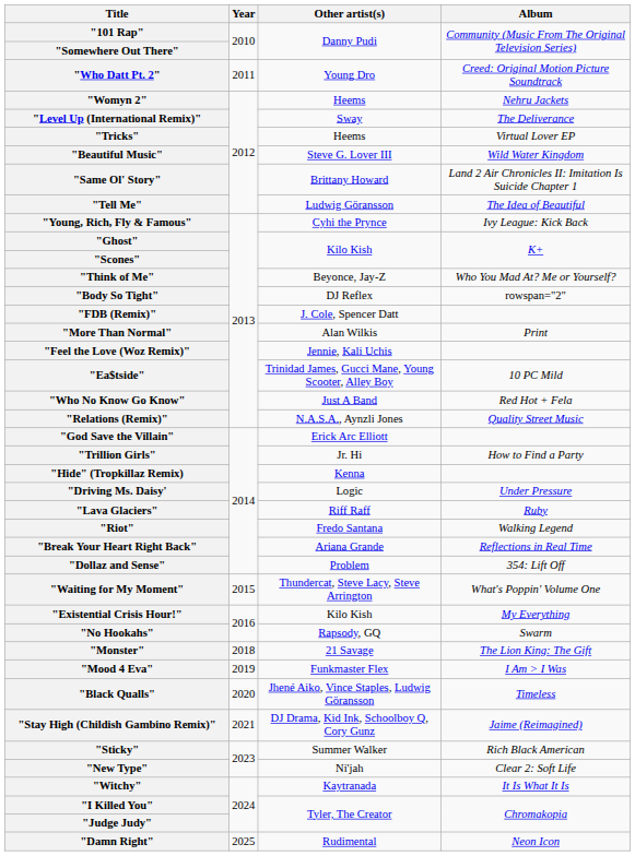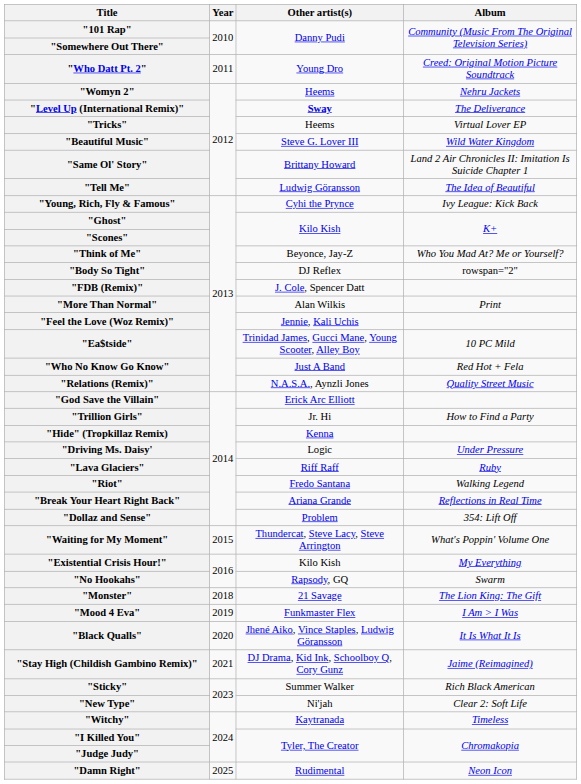 <table class="wikitable plainrowheaders" style="text-align:center;">
 <tr>
 <th scope="col" style="width:19em;">Title</th>
 <th scope="col">Year</th>
 <th scope="col">Other artist(s)</th>
 <th scope="col">Album</th>
 </tr>
 <tr>
 <th scope="row">"101 Rap"</th>
 <td rowspan="2">2010</td>
 <td rowspan="2"><a href='#'>Danny Pudi</a></td>
 <td rowspan="2"><em><a href='#'>Community (Music From The Original Television Series)</a></em></td>
 </tr>
 <tr>
 <th scope="row">"Somewhere Out There"</th>
 </tr>
 <tr>
 <th scope="row">"<a href='#'>Who Datt Pt. 2</a>"</th>
 <td>2011</td>
 <td><a href='#'>Young Dro</a></td>
 <td><em><a href='#'>Creed: Original Motion Picture Soundtrack</a></em></td>
 </tr>
 <tr>
 <th scope="row">"Womyn 2"</th>
 <td rowspan="6">2012</td>
 <td><a href='#'>Heems</a></td>
 <td><em><a href='#'>Nehru Jackets</a></em></td>
 </tr>
 <tr>
 <th scope="row">"<a href='#'>Level Up</a> (International Remix)"</th>
-<td><a href='#'>Sway</a></td>
+<td><strong><a href='#'>Sway</a></strong></td>
 <td><em><a href='#'>The Deliverance</a></em></td>
 </tr>
 <tr>
 <th scope="row">"Tricks"</th>
 <td>Heems</td>
 <td><em>Virtual Lover EP</em></td>
 </tr>
 <tr>
 <th scope="row">"Beautiful Music"</th>
 <td><a href='#'>Steve G. Lover III</a></td>
 <td><em><a href='#'>Wild Water Kingdom</a></em></td>
 </tr>
 <tr>
 <th scope="row">"Same Ol' Story"</th>
 <td><a href='#'>Brittany Howard</a></td>
 <td><em>Land 2 Air Chronicles II: Imitation Is Suicide Chapter 1</em></td>
 </tr>
 <tr>
 <th scope="row">"Tell Me"</th>
 <td><a href='#'>Ludwig Göransson</a></td>
 <td><em><a href='#'>The Idea of Beautiful</a></em></td>
 </tr>
 <tr>
 <th scope="row">"Young, Rich, Fly & Famous"</th>
 <td rowspan="11">2013</td>
 <td><a href='#'>Cyhi the Prynce</a></td>
 <td><em>Ivy League: Kick Back</em></td>
 </tr>
 <tr>
 <th scope="row">"Ghost"</th>
 <td rowspan="2"><a href='#'>Kilo Kish</a></td>
 <td rowspan="2"><em><a href='#'>K+</a></em></td>
 </tr>
 <tr>
 <th scope="row">"Scones"</th>
 </tr>
 <tr>
 <th scope="row">"Think of Me"</th>
 <td>Beyonce, Jay-Z</td>
 <td><em>Who You Mad At? Me or Yourself?</em></td>
 </tr>
 <tr>
 <th scope="row">"Body So Tight"</th>
 <td>DJ Reflex</td>
 <td>rowspan="2" </td>
 </tr>
 <tr>
 <th scope="row">"FDB (Remix)"</th>
 <td><a href='#'>J. Cole</a>, Spencer Datt</td>
 </tr>
 <tr>
 <th scope="row">"More Than Normal"</th>
 <td>Alan Wilkis</td>
 <td><em>Print</em></td>
 </tr>
 <tr>
 <th scope="row">"Feel the Love (Woz Remix)"</th>
 <td><a href='#'>Jennie</a>, <a href='#'>Kali Uchis</a></td>
 <td></td>
 </tr>
 <tr>
 <th scope="row">"Ea$tside"</th>
 <td><a href='#'>Trinidad James</a>, <a href='#'>Gucci Mane</a>, <a href='#'>Young Scooter</a>, <a href='#'>Alley Boy</a></td>
 <td><em>10 PC Mild</em></td>
 </tr>
 <tr>
 <th scope="row">"Who No Know Go Know"</th>
 <td><a href='#'>Just A Band</a></td>
 <td><em>Red Hot + Fela</em></td>
 </tr>
 <tr>
 <th scope="row">"Relations (Remix)"</th>
 <td><a href='#'>N.A.S.A.</a>, Aynzli Jones</td>
 <td><em><a href='#'>Quality Street Music</a></em></td>
 </tr>
 <tr>
 <th scope="row">"God Save the Villain"</th>
 <td rowspan="8">2014</td>
 <td><a href='#'>Erick Arc Elliott</a></td>
 <td></td>
 </tr>
 <tr>
 <th scope="row">"Trillion Girls"</th>
 <td>Jr. Hi</td>
 <td><em>How to Find a Party</em></td>
 </tr>
 <tr>
 <th scope="row">"Hide" (Tropkillaz Remix)</th>
 <td><a href='#'>Kenna</a></td>
 <td></td>
 </tr>
 <tr>
 <th scope="row">"Driving Ms. Daisy'</th>
 <td>Logic</td>
 <td><a href='#'><em>Under Pressure</em></a></td>
 </tr>
 <tr>
 <th scope="row">"Lava Glaciers"</th>
 <td><a href='#'>Riff Raff</a></td>
 <td><em><a href='#'>Ruby</a></em></td>
 </tr>
 <tr>
 <th scope="row">"Riot"</th>
 <td><a href='#'>Fredo Santana</a></td>
 <td><em>Walking Legend</em></td>
 </tr>
 <tr>
 <th scope="row">"Break Your Heart Right Back"</th>
 <td><a href='#'>Ariana Grande</a></td>
 <td><em><a href='#'>Reflections in Real Time</a></em></td>
 </tr>
 <tr>
 <th scope="row">"Dollaz and Sense"</th>
 <td><a href='#'>Problem</a></td>
 <td><em>354: Lift Off</em></td>
 </tr>
 <tr>
 <th scope="row">"Waiting for My Moment"</th>
 <td>2015</td>
 <td><a href='#'>Thundercat</a>, <a href='#'>Steve Lacy</a>, <a href='#'>Steve Arrington</a></td>
 <td><em>What's Poppin' Volume One</em></td>
 </tr>
 <tr>
 <th scope="row">"Existential Crisis Hour!"</th>
 <td rowspan="2">2016</td>
 <td>Kilo Kish</td>
 <td><em><a href='#'>My Everything</a></em></td>
 </tr>
 <tr>
 <th scope="row">"No Hookahs"</th>
 <td><a href='#'>Rapsody</a>, GQ</td>
 <td><em>Swarm</em></td>
 </tr>
 <tr>
 <th scope="row">"Monster"</th>
 <td>2018</td>
 <td><a href='#'>21 Savage</a></td>
 <td><em><a href='#'>The Lion King: The Gift</a></em></td>
 </tr>
 <tr>
 <th scope="row">"Mood 4 Eva"</th>
 <td>2019</td>
 <td><a href='#'>Funkmaster Flex</a></td>
 <td><em><a href='#'>I Am > I Was</a></em></td>
 </tr>
 <tr>
 <th scope="row">"Black Qualls"</th>
 <td>2020</td>
 <td><a href='#'>Jhené Aiko</a>, <a href='#'>Vince Staples</a>, <a href='#'>Ludwig Göransson</a></td>
-<td><em><a href='#'>Timeless</a></em></td>
+<td><em><a href='#'>It Is What It Is</a></em></td>
 </tr>
 <tr>
 <th scope="row">"Stay High (Childish Gambino Remix)"</th>
 <td>2021</td>
 <td><a href='#'>DJ Drama</a>, <a href='#'>Kid Ink</a>, <a href='#'>Schoolboy Q</a>, <a href='#'>Cory Gunz</a></td>
 <td><em><a href='#'>Jaime (Reimagined)</a></em></td>
 </tr>
 <tr>
 <th scope="row">"Sticky"</th>
 <td rowspan="2">2023</td>
 <td>Summer Walker</td>
 <td><em>Rich Black American</em></td>
 </tr>
 <tr>
 <th scope="row">"New Type"</th>
 <td>Ni'jah</td>
 <td><em>Clear 2: Soft Life</em></td>
 </tr>
 <tr>
 <th scope="row">"Witchy"</th>
 <td rowspan="3">2024</td>
 <td><a href='#'>Kaytranada</a></td>
-<td><em><a href='#'>It Is What It Is</a></em></td>
+<td><em><a href='#'>Timeless</a></em></td>
 </tr>
 <tr>
 <th scope="row">"I Killed You"</th>
 <td rowspan="2"><a href='#'>Tyler, The Creator</a></td>
 <td rowspan="2"><em><a href='#'>Chromakopia</a></em></td>
 </tr>
 <tr>
 <th scope="row">"Judge Judy"</th>
 </tr>
 <tr>
 <th scope="row">"Damn Right"</th>
 <td>2025</td>
 <td><a href='#'>Rudimental</a></td>
 <td><em><a href='#'>Neon Icon</a></em></td>
 </tr>
 </table>
